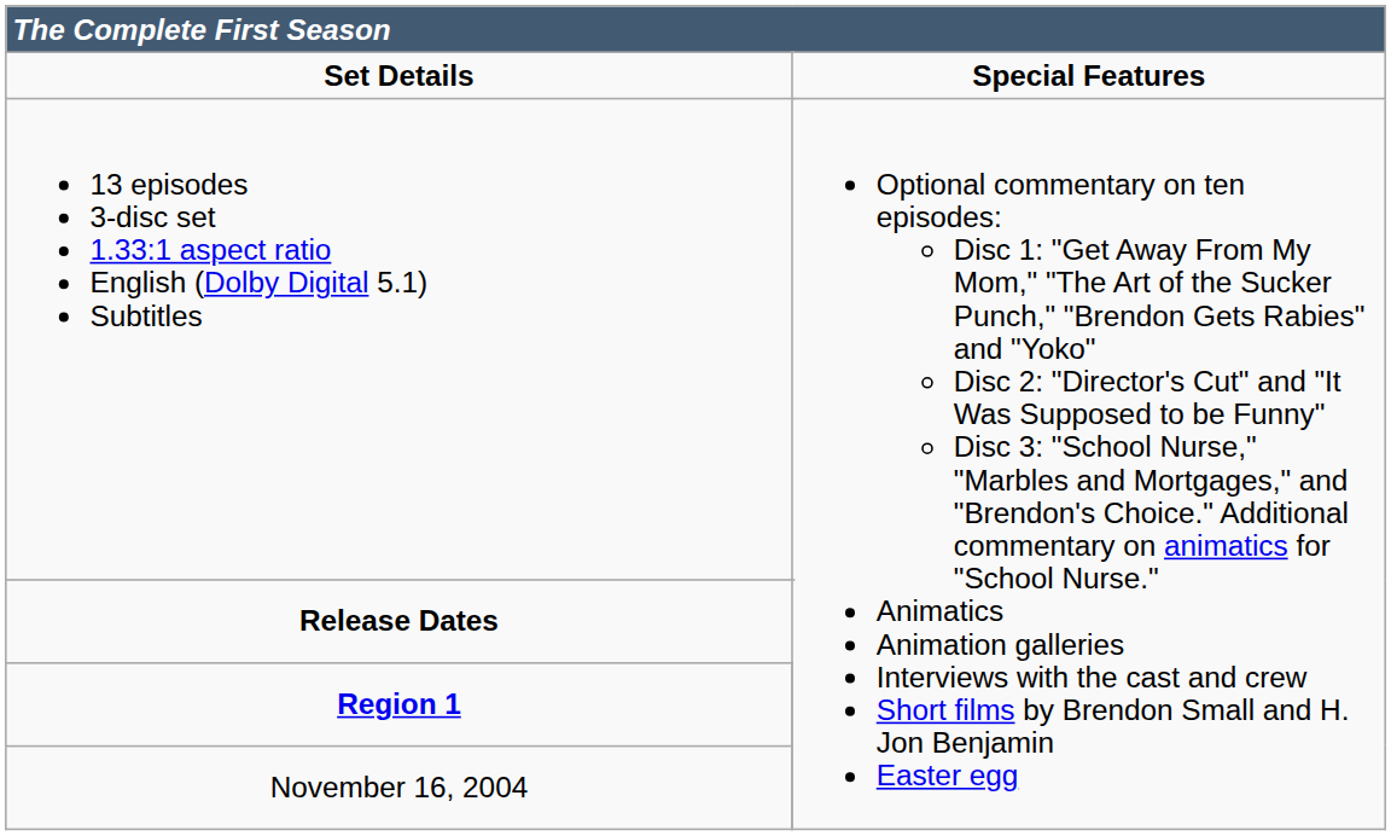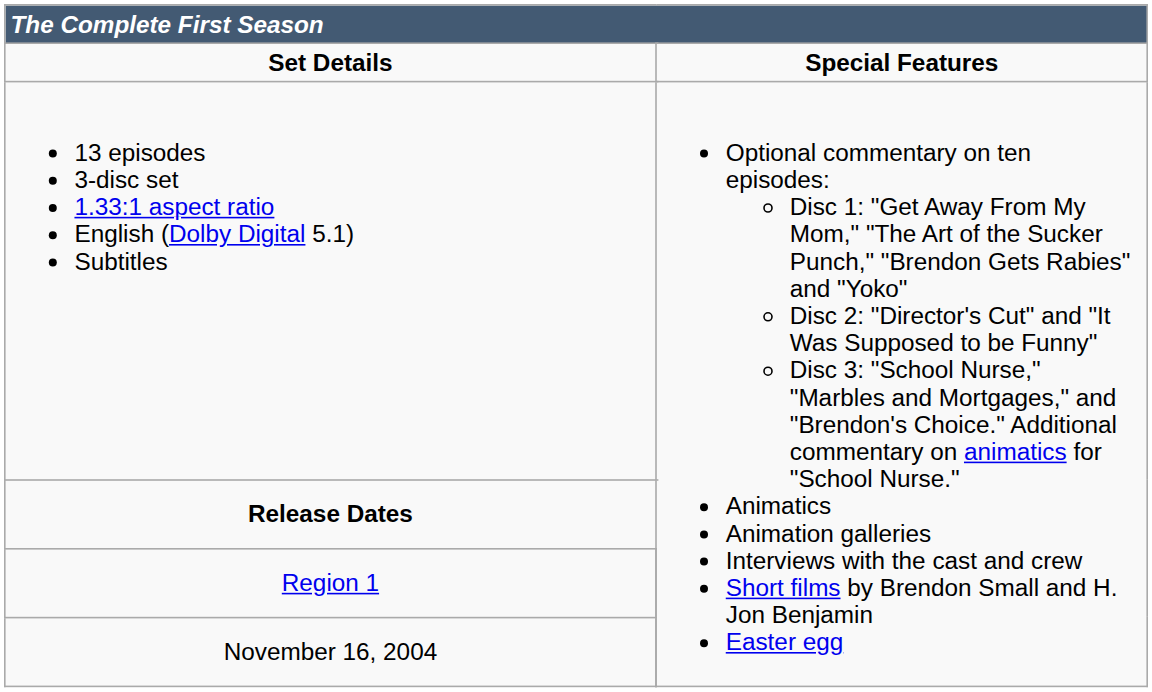 <table class="wikitable" style="font-size: 95%;">
 <tr style="background:#435A73; color: #ffffff;">
 <td colspan="5"><strong><em>The Complete First Season</em></strong></td>
 </tr>
 <tr valign="top">
 <td align="center" width="400" colspan="3"><strong>Set Details</strong></td>
 <td width="300" align="center"><strong>Special Features</strong></td>
 </tr>
 <tr valign="top">
 <td colspan="3" align="left" width="400"><br><ul><li>13 episodes</li><li>3-disc set</li><li><a href='#'>1.33:1 aspect ratio</a></li><li>English (<a href='#'>Dolby Digital</a> 5.1)</li><li>Subtitles</li></ul></td>
 <td rowspan="4" align="left" width="300"><br><ul><li>Optional commentary on ten episodes:<ul><li>Disc 1: "Get Away From My Mom," "The Art of the Sucker Punch," "Brendon Gets Rabies" and "Yoko"</li><li>Disc 2: "Director's Cut" and "It Was Supposed to be Funny"</li><li>Disc 3: "School Nurse," "Marbles and Mortgages," and "Brendon's Choice." Additional commentary on <a href='#'>animatics</a> for "School Nurse."</li></ul></li><li>Animatics</li><li>Animation galleries</li><li>Interviews with the cast and crew</li><li><a href='#'>Short films</a> by Brendon Small and H. Jon Benjamin</li><li><a href='#'>Easter egg</a></li></ul></td>
 </tr>
 <tr>
 <td colspan="3" align="center"><strong>Release Dates</strong></td>
 </tr>
 <tr>
-<td align="center"><strong><a href='#'>Region 1</a></strong></td>
+<td align="center"><a href='#'>Region 1</a></td>
 </tr>
 <tr>
 <td align="center">November 16, 2004</td>
 </tr>
 </table>
